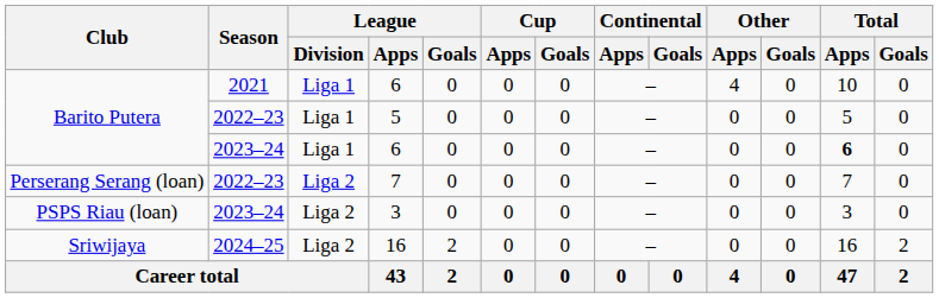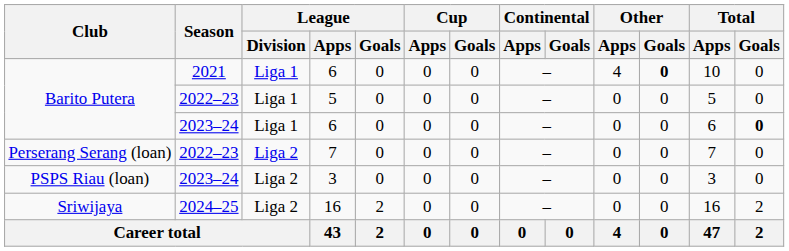 <table class="wikitable" style="text-align: center">
 <tr>
 <th rowspan="2">Club</th>
 <th rowspan="2">Season</th>
 <th colspan="3">League</th>
 <th colspan="2">Cup</th>
 <th colspan="2">Continental</th>
 <th colspan="2">Other</th>
 <th colspan="2">Total</th>
 </tr>
 <tr>
 <th>Division</th>
 <th>Apps</th>
 <th>Goals</th>
 <th>Apps</th>
 <th>Goals</th>
 <th>Apps</th>
 <th>Goals</th>
 <th>Apps</th>
 <th>Goals</th>
 <th>Apps</th>
 <th>Goals</th>
 </tr>
 <tr>
 <td rowspan="3"><a href='#'>Barito Putera</a></td>
 <td><a href='#'>2021</a></td>
 <td rowspan="1" valign="center"><a href='#'>Liga 1</a></td>
 <td>6</td>
 <td>0</td>
 <td>0</td>
 <td>0</td>
 <td colspan="2">–</td>
 <td>4</td>
-<td>0</td>
+<td><strong>0</strong></td>
 <td>10</td>
 <td>0</td>
 </tr>
 <tr>
 <td><a href='#'>2022–23</a></td>
 <td rowspan="1">Liga 1</td>
 <td>5</td>
 <td>0</td>
 <td>0</td>
 <td>0</td>
 <td colspan="2">–</td>
 <td>0</td>
 <td>0</td>
 <td>5</td>
 <td>0</td>
 </tr>
 <tr>
 <td><a href='#'>2023–24</a></td>
 <td rowspan="1">Liga 1</td>
 <td>6</td>
 <td>0</td>
 <td>0</td>
 <td>0</td>
 <td colspan="2">–</td>
 <td>0</td>
 <td>0</td>
-<td><strong>6</strong></td>
-<td>0</td>
+<td>6</td>
+<td><strong>0</strong></td>
 </tr>
 <tr>
 <td rowspan="1"><a href='#'>Perserang Serang</a> (loan)</td>
 <td><a href='#'>2022–23</a></td>
 <td rowspan="1"><a href='#'>Liga 2</a></td>
 <td>7</td>
 <td>0</td>
 <td>0</td>
 <td>0</td>
 <td colspan="2">–</td>
 <td>0</td>
 <td>0</td>
 <td>7</td>
 <td>0</td>
 </tr>
 <tr>
 <td rowspan="1"><a href='#'>PSPS Riau</a> (loan)</td>
 <td><a href='#'>2023–24</a></td>
 <td rowspan="1">Liga 2</td>
 <td>3</td>
 <td>0</td>
 <td>0</td>
 <td>0</td>
 <td colspan="2">–</td>
 <td>0</td>
 <td>0</td>
 <td>3</td>
 <td>0</td>
 </tr>
 <tr>
 <td rowspan="1"><a href='#'>Sriwijaya</a></td>
 <td><a href='#'>2024–25</a></td>
 <td rowspan="1">Liga 2</td>
 <td>16</td>
 <td>2</td>
 <td>0</td>
 <td>0</td>
 <td colspan="2">–</td>
 <td>0</td>
 <td>0</td>
 <td>16</td>
 <td>2</td>
 </tr>
 <tr>
 <th colspan=3>Career total</th>
 <th>43</th>
 <th>2</th>
 <th>0</th>
 <th>0</th>
 <th>0</th>
 <th>0</th>
 <th>4</th>
 <th>0</th>
 <th>47</th>
 <th>2</th>
 </tr>
 </table>
